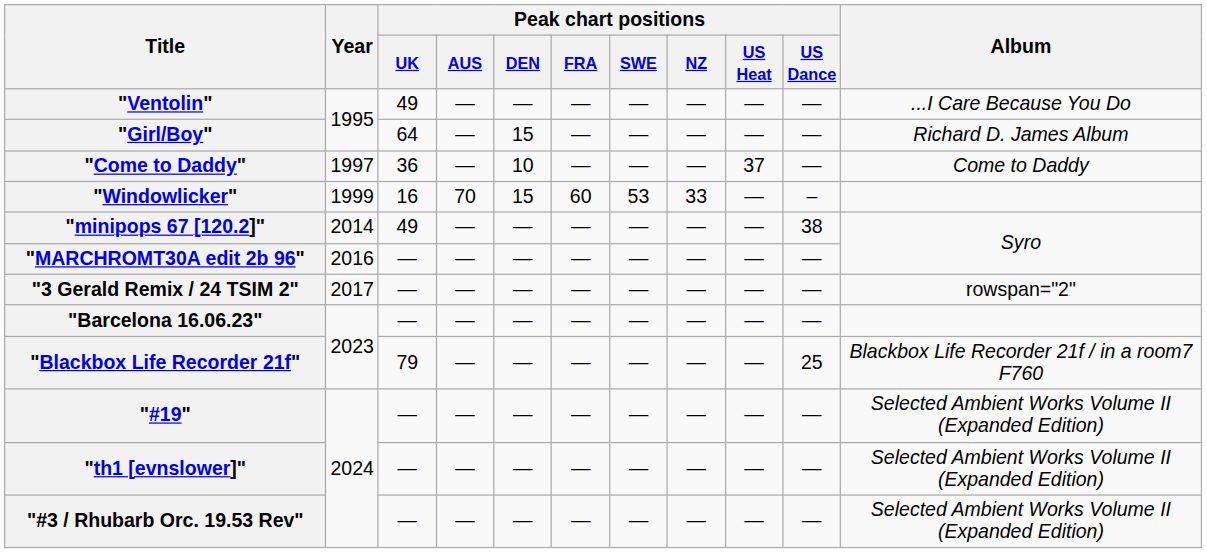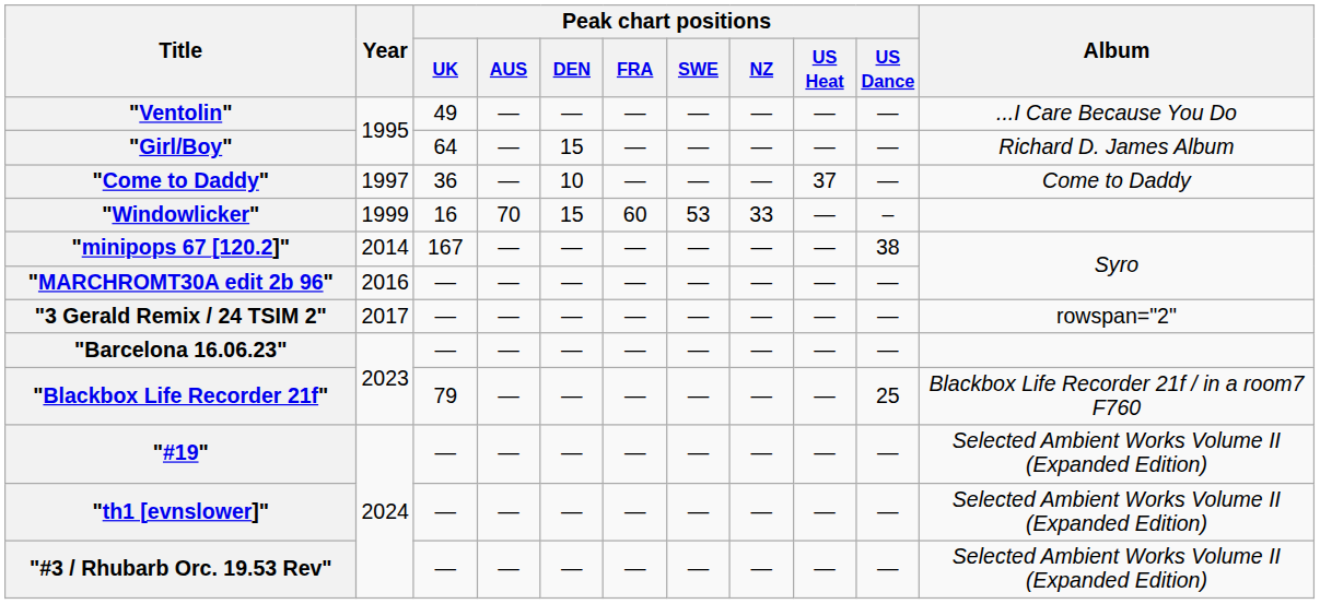 <table class="wikitable plainrowheaders" style="text-align:center;">
 <tr>
 <th scope="col" rowspan="2" style="width:16em">Title</th>
 <th scope="col" rowspan="2">Year</th>
 <th scope="col" colspan="8">Peak chart positions</th>
 <th scope="col" rowspan="2" style="width:18em">Album</th>
 </tr>
 <tr>
 <th scope="col" style="width:2.5em"><small><a href='#'>UK</a></small><br></th>
 <th scope="col" style="width:2.5em"><small><a href='#'>AUS</a></small><br></th>
 <th scope="col" style="width:2.5em"><small><a href='#'>DEN</a></small><br></th>
 <th scope="col" style="width:2.5em"><small><a href='#'>FRA</a></small><br></th>
 <th scope="col" style="width:2.5em"><small><a href='#'>SWE</a></small><br></th>
 <th scope="col" style="width:2.5em"><small><a href='#'>NZ</a></small><br></th>
 <th scope="col" style="width:2.5em"><small><a href='#'>US<br>Heat</a></small><br></th>
 <th scope="col" style="width:2.5em"><small><a href='#'>US<br>Dance</a></small><br></th>
 </tr>
 <tr>
 <th scope="row">"<a href='#'>Ventolin</a>"</th>
 <td rowspan="2">1995</td>
 <td>49</td>
 <td>—</td>
 <td>—</td>
 <td>—</td>
 <td>—</td>
 <td>—</td>
 <td>—</td>
 <td>—</td>
 <td><em>...I Care Because You Do</em></td>
 </tr>
 <tr>
 <th scope="row">"<a href='#'>Girl/Boy</a>"</th>
 <td>64</td>
 <td>—</td>
 <td>15</td>
 <td>—</td>
 <td>—</td>
 <td>—</td>
 <td>—</td>
 <td>—</td>
 <td><em>Richard D. James Album</em></td>
 </tr>
 <tr>
 <th scope="row">"<a href='#'>Come to Daddy</a>"</th>
 <td>1997</td>
 <td>36</td>
 <td>—</td>
 <td>10</td>
 <td>—</td>
 <td>—</td>
 <td>—</td>
 <td>37</td>
 <td>—</td>
 <td><em>Come to Daddy</em></td>
 </tr>
 <tr>
 <th scope="row">"<a href='#'>Windowlicker</a>"</th>
 <td>1999</td>
 <td>16</td>
 <td>70</td>
 <td>15</td>
 <td>60</td>
 <td>53</td>
 <td>33</td>
 <td>—</td>
 <td>–</td>
 <td></td>
 </tr>
 <tr>
 <th scope="row">"<a href='#'>minipops 67 [120.2</a>]"</th>
 <td>2014</td>
-<td>49</td>
+<td>167</td>
 <td>—</td>
 <td>—</td>
 <td>—</td>
 <td>—</td>
 <td>—</td>
 <td>—</td>
 <td>38</td>
 <td rowspan="2"><em>Syro</em></td>
 </tr>
 <tr>
 <th scope="row">"<a href='#'>MARCHROMT30A edit 2b 96</a>"</th>
 <td>2016</td>
 <td>—</td>
 <td>—</td>
 <td>—</td>
 <td>—</td>
 <td>—</td>
 <td>—</td>
 <td>—</td>
 <td>—</td>
 </tr>
 <tr>
 <th scope="row">"3 Gerald Remix / 24 TSIM 2"</th>
 <td>2017</td>
 <td>—</td>
 <td>—</td>
 <td>—</td>
 <td>—</td>
 <td>—</td>
 <td>—</td>
 <td>—</td>
 <td>—</td>
 <td>rowspan="2" </td>
 </tr>
 <tr>
 <th scope="row">"Barcelona 16.06.23"</th>
 <td rowspan="2">2023</td>
 <td>—</td>
 <td>—</td>
 <td>—</td>
 <td>—</td>
 <td>—</td>
 <td>—</td>
 <td>—</td>
 <td>—</td>
 </tr>
 <tr>
 <th scope="row">"<a href='#'>Blackbox Life Recorder 21f</a>"</th>
 <td>79</td>
 <td>—</td>
 <td>—</td>
 <td>—</td>
 <td>—</td>
 <td>—</td>
 <td>—</td>
 <td>25</td>
 <td><em>Blackbox Life Recorder 21f / in a room7 F760</em></td>
 </tr>
 <tr>
 <th scope="row">"<a href='#'>#19</a>"</th>
 <td rowspan="3">2024</td>
 <td>—</td>
 <td>—</td>
 <td>—</td>
 <td>—</td>
 <td>—</td>
 <td>—</td>
 <td>—</td>
 <td>—</td>
 <td><em>Selected Ambient Works Volume II (Expanded Edition)</em></td>
 </tr>
 <tr>
 <th scope="row">"<a href='#'>th1 [evnslower</a>]"</th>
 <td>—</td>
 <td>—</td>
 <td>—</td>
 <td>—</td>
 <td>—</td>
 <td>—</td>
 <td>—</td>
 <td>—</td>
 <td><em>Selected Ambient Works Volume II (Expanded Edition)</em></td>
 </tr>
 <tr>
 <th scope="row">"#3 / Rhubarb Orc. 19.53 Rev"</th>
 <td>—</td>
 <td>—</td>
 <td>—</td>
 <td>—</td>
 <td>—</td>
 <td>—</td>
 <td>—</td>
 <td>—</td>
 <td><em>Selected Ambient Works Volume II (Expanded Edition)</em></td>
 </tr>
 </table>
